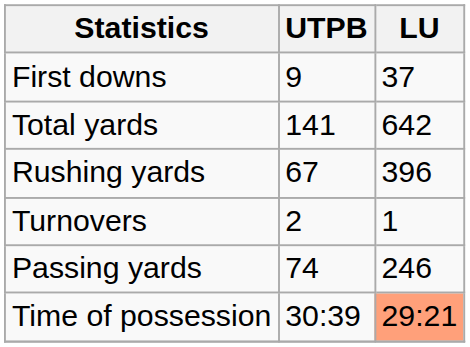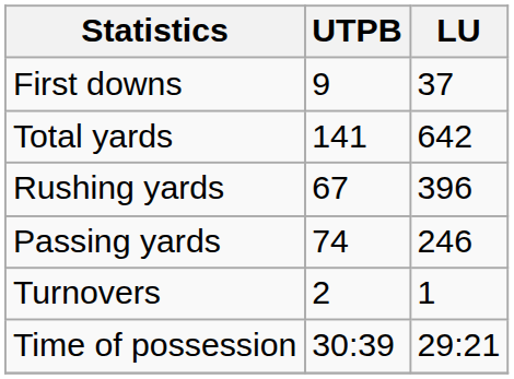 <table class="wikitable" style="float: left;">
 <tr>
 <th>Statistics</th>
 <th>UTPB</th>
 <th>LU</th>
 </tr>
 <tr>
 <td>First downs</td>
 <td>9</td>
 <td>37</td>
 </tr>
 <tr>
 <td>Total yards</td>
 <td>141</td>
 <td>642</td>
 </tr>
 <tr>
 <td>Rushing yards</td>
 <td>67</td>
 <td>396</td>
 </tr>
 <tr>
+<td>Passing yards</td>
+<td>74</td>
+<td>246</td>
+</tr>
+<tr>
 <td>Turnovers</td>
 <td>2</td>
 <td>1</td>
 </tr>
 <tr>
-<td>Passing yards</td>
-<td>74</td>
-<td>246</td>
-</tr>
-<tr>
 <td>Time of possession</td>
 <td>30:39</td>
-<td style="background: lightsalmon;">29:21</td>
+<td>29:21</td>
 </tr>
 <tr>
 </tr>
 </table>
